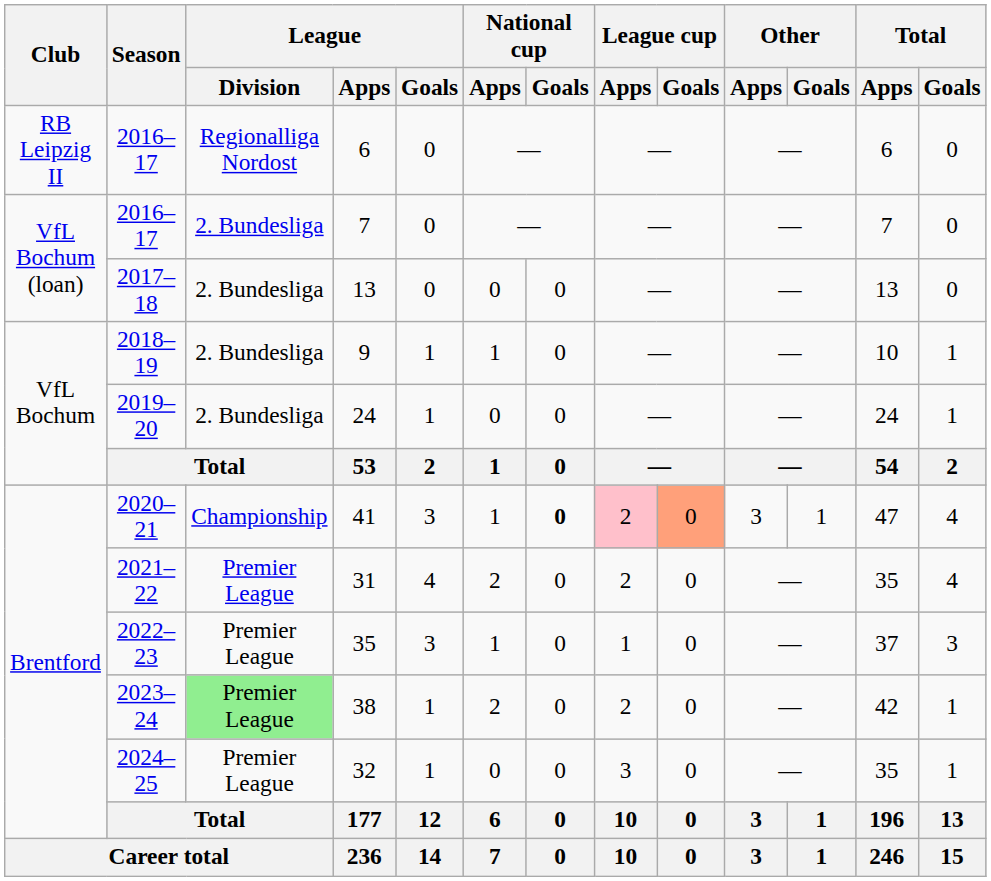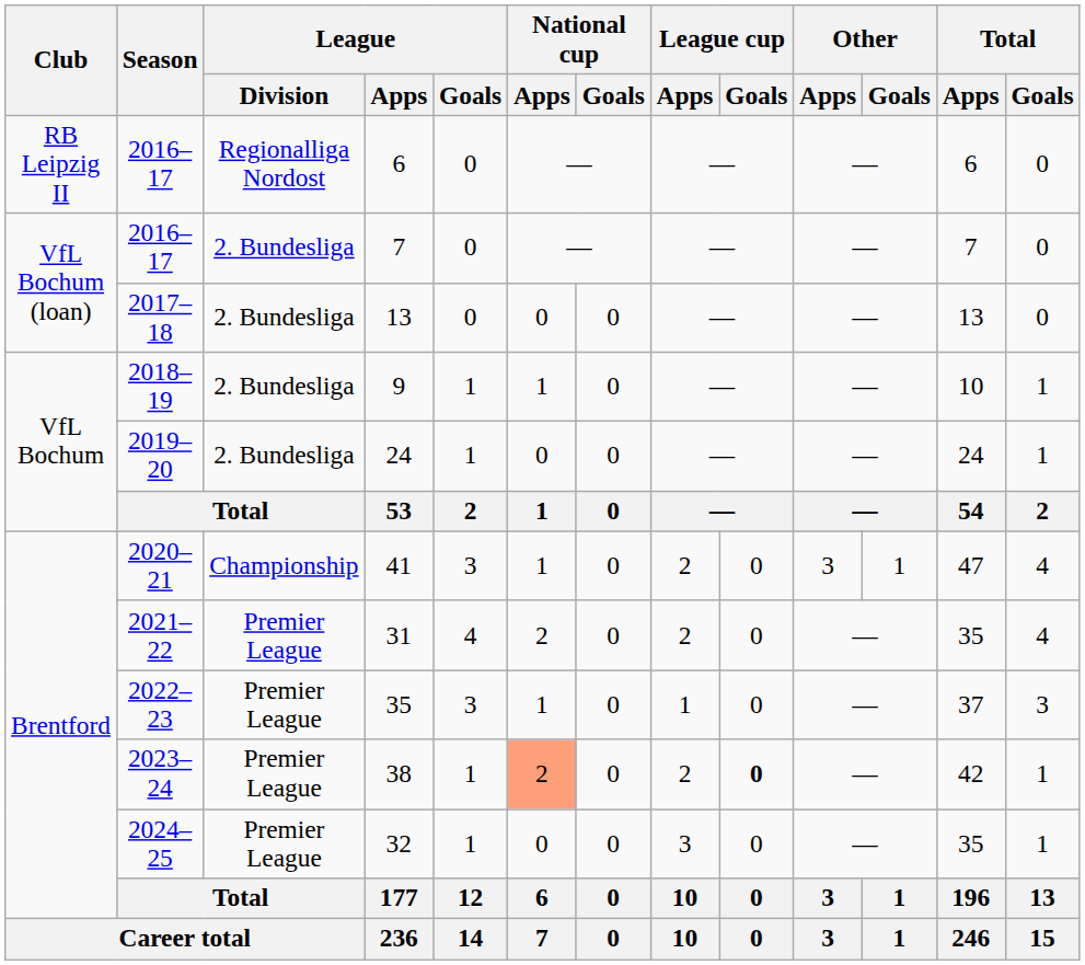 <table class="wikitable" style="text-align:center">
 <tr>
 <th rowspan="2">Club</th>
 <th rowspan="2">Season</th>
 <th colspan="3">League</th>
 <th colspan="2">National cup</th>
 <th colspan="2">League cup</th>
 <th colspan="2">Other</th>
 <th colspan="2">Total</th>
 </tr>
 <tr>
 <th>Division</th>
 <th>Apps</th>
 <th>Goals</th>
 <th>Apps</th>
 <th>Goals</th>
 <th>Apps</th>
 <th>Goals</th>
 <th>Apps</th>
 <th>Goals</th>
 <th>Apps</th>
 <th>Goals</th>
 </tr>
 <tr>
 <td><a href='#'>RB Leipzig II</a></td>
 <td><a href='#'>2016–17</a></td>
 <td><a href='#'>Regionalliga Nordost</a></td>
 <td>6</td>
 <td>0</td>
 <td colspan="2">—</td>
 <td colspan="2">—</td>
 <td colspan="2">—</td>
 <td>6</td>
 <td>0</td>
 </tr>
 <tr>
 <td rowspan="2"><a href='#'>VfL Bochum</a> (loan)</td>
 <td><a href='#'>2016–17</a></td>
 <td><a href='#'>2. Bundesliga</a></td>
 <td>7</td>
 <td>0</td>
 <td colspan="2">—</td>
 <td colspan="2">—</td>
 <td colspan="2">—</td>
 <td>7</td>
 <td>0</td>
 </tr>
 <tr>
 <td><a href='#'>2017–18</a></td>
 <td>2. Bundesliga</td>
 <td>13</td>
 <td>0</td>
 <td>0</td>
 <td>0</td>
 <td colspan="2">—</td>
 <td colspan="2">—</td>
 <td>13</td>
 <td>0</td>
 </tr>
 <tr>
 <td rowspan="3">VfL Bochum</td>
 <td><a href='#'>2018–19</a></td>
 <td>2. Bundesliga</td>
 <td>9</td>
 <td>1</td>
 <td>1</td>
 <td>0</td>
 <td colspan="2">—</td>
 <td colspan="2">—</td>
 <td>10</td>
 <td>1</td>
 </tr>
 <tr>
 <td><a href='#'>2019–20</a></td>
 <td>2. Bundesliga</td>
 <td>24</td>
 <td>1</td>
 <td>0</td>
 <td>0</td>
 <td colspan="2">—</td>
 <td colspan="2">—</td>
 <td>24</td>
 <td>1</td>
 </tr>
 <tr>
 <th colspan="2">Total</th>
 <th>53</th>
 <th>2</th>
 <th>1</th>
 <th>0</th>
 <th colspan="2">—</th>
 <th colspan="2">—</th>
 <th>54</th>
 <th>2</th>
 </tr>
 <tr>
 <td rowspan="6"><a href='#'>Brentford</a></td>
 <td><a href='#'>2020–21</a></td>
 <td><a href='#'>Championship</a></td>
 <td>41</td>
 <td>3</td>
 <td>1</td>
-<td><strong>0</strong></td>
-<td style="background: pink;">2</td>
-<td style="background: lightsalmon;">0</td>
+<td>0</td>
+<td>2</td>
+<td>0</td>
 <td>3</td>
 <td>1</td>
 <td>47</td>
 <td>4</td>
 </tr>
 <tr>
 <td><a href='#'>2021–22</a></td>
 <td><a href='#'>Premier League</a></td>
 <td>31</td>
 <td>4</td>
 <td>2</td>
 <td>0</td>
 <td>2</td>
 <td>0</td>
 <td colspan="2">—</td>
 <td>35</td>
 <td>4</td>
 </tr>
 <tr>
 <td><a href='#'>2022–23</a></td>
 <td>Premier League</td>
 <td>35</td>
 <td>3</td>
 <td>1</td>
 <td>0</td>
 <td>1</td>
 <td>0</td>
 <td colspan="2">—</td>
 <td>37</td>
 <td>3</td>
 </tr>
 <tr>
 <td><a href='#'>2023–24</a></td>
-<td style="background: lightgreen;">Premier League</td>
+<td>Premier League</td>
 <td>38</td>
 <td>1</td>
-<td>2</td>
+<td style="background: lightsalmon;">2</td>
 <td>0</td>
 <td>2</td>
-<td>0</td>
+<td><strong>0</strong></td>
 <td colspan="2">—</td>
 <td>42</td>
 <td>1</td>
 </tr>
 <tr>
 <td><a href='#'>2024–25</a></td>
 <td>Premier League</td>
 <td>32</td>
 <td>1</td>
 <td>0</td>
 <td>0</td>
 <td>3</td>
 <td>0</td>
 <td colspan="2">—</td>
 <td>35</td>
 <td>1</td>
 </tr>
 <tr>
 <th colspan="2">Total</th>
 <th>177</th>
 <th>12</th>
 <th>6</th>
 <th>0</th>
 <th>10</th>
 <th>0</th>
 <th>3</th>
 <th>1</th>
 <th>196</th>
 <th>13</th>
 </tr>
 <tr>
 <th colspan="3">Career total</th>
 <th>236</th>
 <th>14</th>
 <th>7</th>
 <th>0</th>
 <th>10</th>
 <th>0</th>
 <th>3</th>
 <th>1</th>
 <th>246</th>
 <th>15</th>
 </tr>
 </table>
